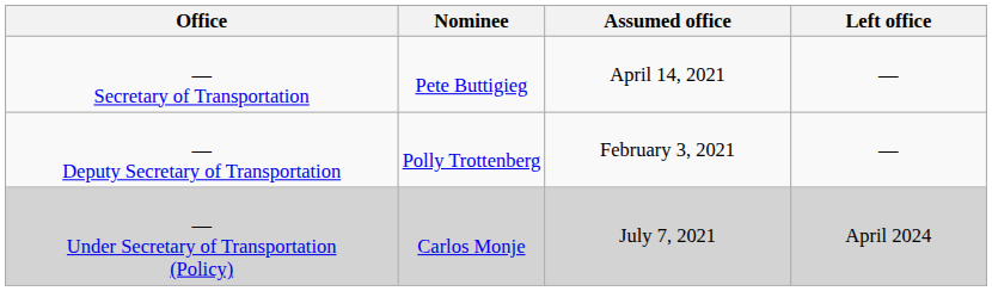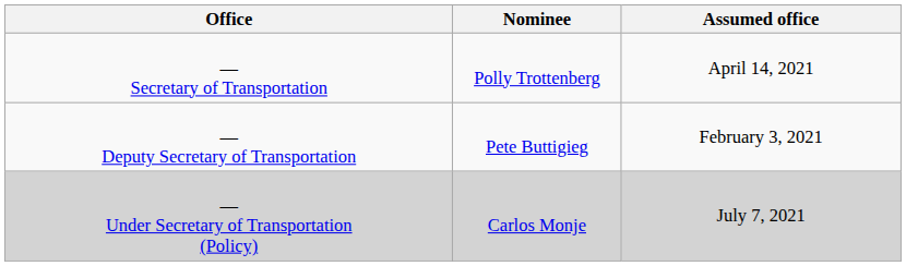 <table class="wikitable sortable" style="text-align:center">
 <tr>
 <th style="width:40%;">Office</th>
 <th style="width:15%;">Nominee</th>
 <th style="width:25%;" data-sort-type="date">Assumed office</th>
-<th style="width:20%;" data-sort-type="date">Left office</th>
 </tr>
 <tr>
 <td><br>—<br><a href='#'>Secretary of Transportation</a></td>
-<td><br><a href='#'>Pete Buttigieg</a></td>
+<td><br><a href='#'>Polly Trottenberg</a></td>
 <td>April 14, 2021<br></td>
-<td>—</td>
 </tr>
 <tr>
 <td><br>—<br><a href='#'>Deputy Secretary of Transportation</a></td>
-<td><br><a href='#'>Polly Trottenberg</a></td>
+<td><br><a href='#'>Pete Buttigieg</a></td>
 <td>February 3, 2021<br></td>
-<td>—</td>
 </tr>
 <tr style="background:lightgray">
 <td><br>—<br><a href='#'>Under Secretary of Transportation<br>(Policy)</a></td>
 <td> <br><a href='#'>Carlos Monje</a></td>
 <td>July 7, 2021<br></td>
-<td>April 2024</td>
 </tr>
 </table>
